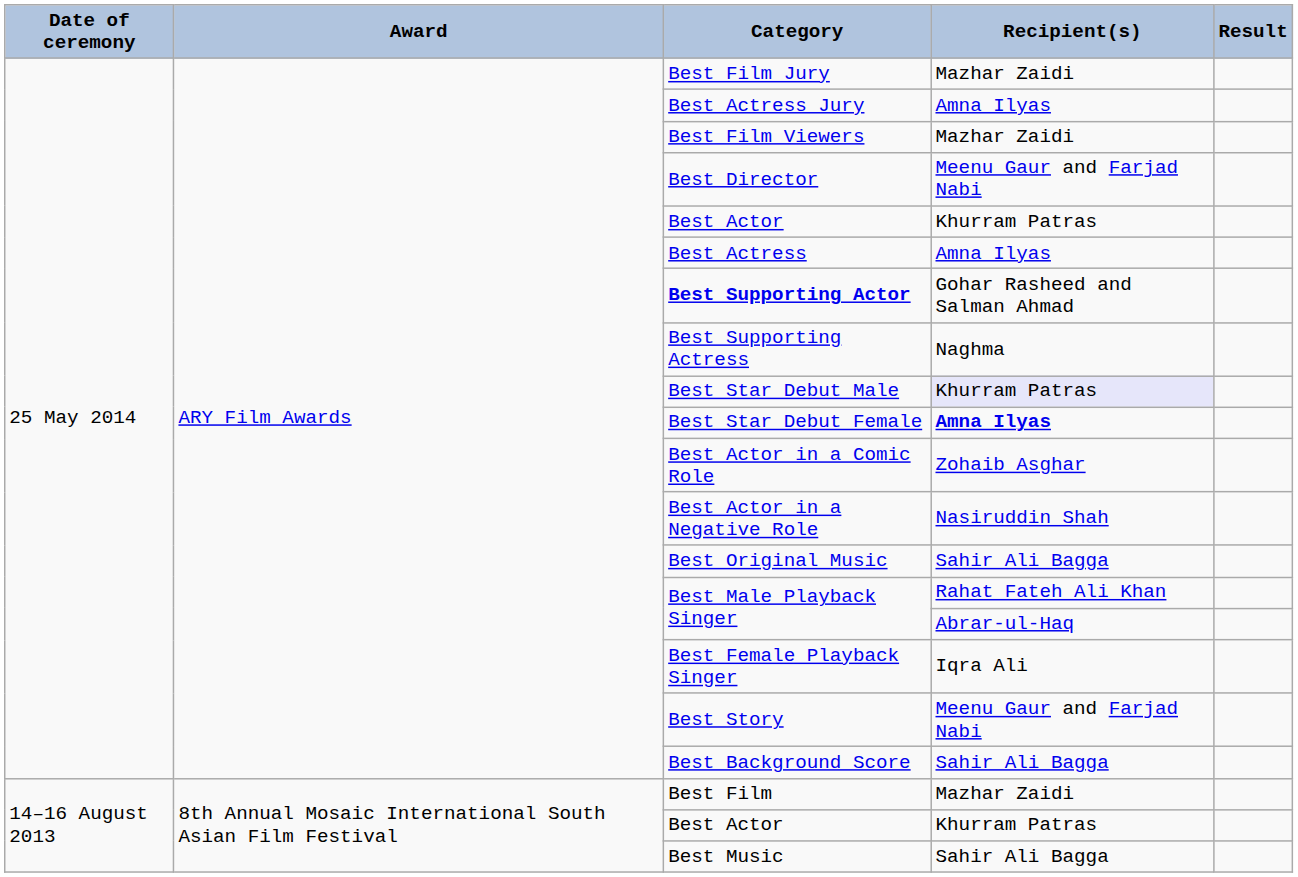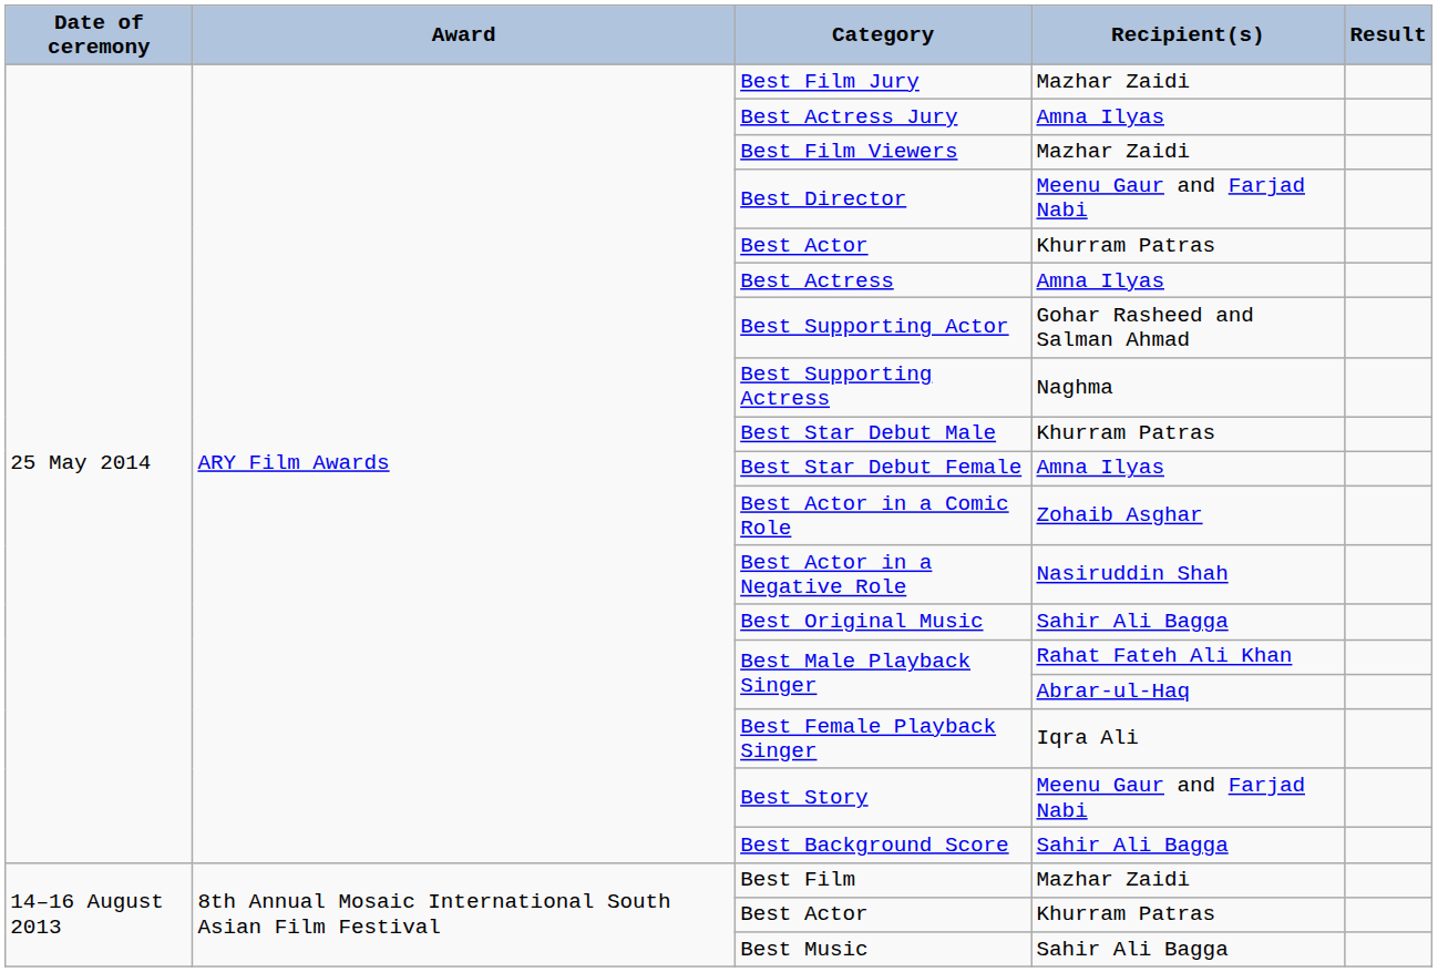 <table class="wikitable">
 <tr align="center">
 <th style="background:#B0C4DE;">Date of ceremony</th>
 <th style="background:#B0C4DE;">Award</th>
 <th style="background:#B0C4DE;">Category</th>
 <th style="background:#B0C4DE;">Recipient(s)</th>
 <th style="background:#B0C4DE;">Result</th>
 </tr>
 <tr>
 <td rowspan="18">25 May 2014</td>
 <td rowspan="18"><a href='#'>ARY Film Awards</a></td>
 <td><a href='#'>Best Film Jury</a></td>
 <td>Mazhar Zaidi</td>
 <td></td>
 </tr>
 <tr>
 <td><a href='#'>Best Actress Jury</a></td>
 <td><a href='#'>Amna Ilyas</a></td>
 <td></td>
 </tr>
 <tr>
 <td><a href='#'>Best Film Viewers</a></td>
 <td>Mazhar Zaidi</td>
 <td></td>
 </tr>
 <tr>
 <td><a href='#'>Best Director</a></td>
 <td><a href='#'>Meenu Gaur</a> and <a href='#'>Farjad Nabi</a></td>
 <td></td>
 </tr>
 <tr>
 <td><a href='#'>Best Actor</a></td>
 <td>Khurram Patras</td>
 <td></td>
 </tr>
 <tr>
 <td><a href='#'>Best Actress</a></td>
 <td><a href='#'>Amna Ilyas</a></td>
 <td></td>
 </tr>
 <tr>
-<td><strong><a href='#'>Best Supporting Actor</a></strong></td>
+<td><a href='#'>Best Supporting Actor</a></td>
 <td>Gohar Rasheed and Salman Ahmad</td>
 <td></td>
 </tr>
 <tr>
 <td><a href='#'>Best Supporting Actress</a></td>
 <td>Naghma</td>
 <td></td>
 </tr>
 <tr>
 <td><a href='#'>Best Star Debut Male</a></td>
-<td style="background: lavender;">Khurram Patras</td>
+<td>Khurram Patras</td>
 <td></td>
 </tr>
 <tr>
 <td><a href='#'>Best Star Debut Female</a></td>
-<td><strong><a href='#'>Amna Ilyas</a></strong></td>
+<td><a href='#'>Amna Ilyas</a></td>
 <td></td>
 </tr>
 <tr>
 <td><a href='#'>Best Actor in a Comic Role</a></td>
 <td><a href='#'>Zohaib Asghar</a></td>
 <td></td>
 </tr>
 <tr>
 <td><a href='#'>Best Actor in a Negative Role</a></td>
 <td><a href='#'>Nasiruddin Shah</a></td>
 <td></td>
 </tr>
 <tr>
 <td><a href='#'>Best Original Music</a></td>
 <td><a href='#'>Sahir Ali Bagga</a></td>
 <td></td>
 </tr>
 <tr>
 <td rowspan="2"><a href='#'>Best Male Playback Singer</a></td>
 <td><a href='#'>Rahat Fateh Ali Khan</a></td>
 <td></td>
 </tr>
 <tr>
 <td><a href='#'>Abrar-ul-Haq</a></td>
 <td></td>
 </tr>
 <tr>
 <td><a href='#'>Best Female Playback Singer</a></td>
 <td>Iqra Ali</td>
 <td></td>
 </tr>
 <tr>
 <td><a href='#'>Best Story</a></td>
 <td><a href='#'>Meenu Gaur</a> and <a href='#'>Farjad Nabi</a></td>
 <td></td>
 </tr>
 <tr>
 <td><a href='#'>Best Background Score</a></td>
 <td><a href='#'>Sahir Ali Bagga</a></td>
 <td></td>
 </tr>
 <tr>
 <td rowspan="3">14–16 August 2013</td>
 <td rowspan="3">8th Annual Mosaic International South Asian Film Festival</td>
 <td>Best Film</td>
 <td>Mazhar Zaidi</td>
 <td></td>
 </tr>
 <tr>
 <td>Best Actor</td>
 <td>Khurram Patras</td>
 <td></td>
 </tr>
 <tr>
 <td>Best Music</td>
 <td>Sahir Ali Bagga</td>
 <td></td>
 </tr>
 </table>
